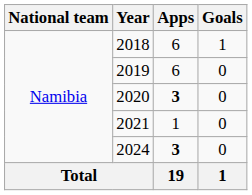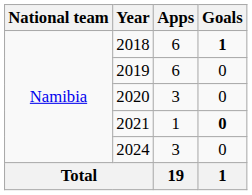 <table class=wikitable style=text-align:center>
 <tr>
 <th>National team</th>
 <th>Year</th>
 <th>Apps</th>
 <th>Goals</th>
 </tr>
 <tr>
 <td rowspan=5><a href='#'>Namibia</a></td>
 <td>2018</td>
 <td>6</td>
-<td>1</td>
+<td><strong>1</strong></td>
 </tr>
 <tr>
 <td>2019</td>
 <td>6</td>
 <td>0</td>
 </tr>
 <tr>
 <td>2020</td>
-<td><strong>3</strong></td>
+<td>3</td>
 <td>0</td>
 </tr>
 <tr>
 <td>2021</td>
 <td>1</td>
-<td>0</td>
+<td><strong>0</strong></td>
 </tr>
 <tr>
 <td>2024</td>
-<td><strong>3</strong></td>
+<td>3</td>
 <td>0</td>
 </tr>
 <tr>
 <th colspan=2>Total</th>
 <th>19</th>
 <th>1</th>
 </tr>
 </table>
